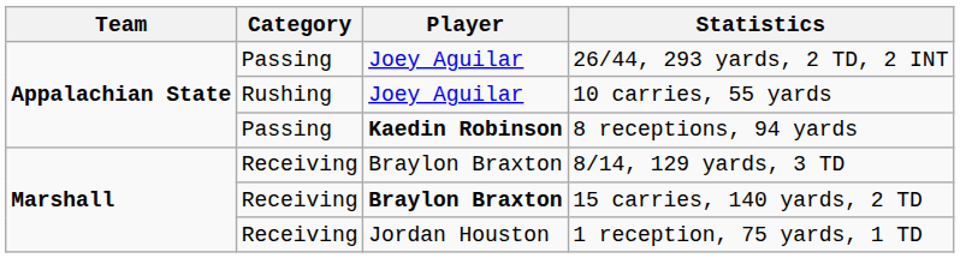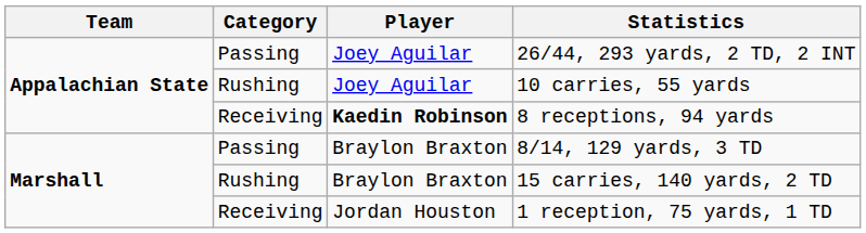 <table class="wikitable" style="float: right;">
 <tr>
 <th>Team</th>
 <th>Category</th>
 <th>Player</th>
 <th>Statistics</th>
 </tr>
 <tr>
 <td rowspan=3><strong>Appalachian State</strong></td>
 <td>Passing</td>
 <td><a href='#'>Joey Aguilar</a></td>
 <td>26/44, 293 yards, 2 TD, 2 INT</td>
 </tr>
 <tr>
 <td>Rushing</td>
 <td><a href='#'>Joey Aguilar</a></td>
 <td>10 carries, 55 yards</td>
 </tr>
 <tr>
-<td>Passing</td>
+<td>Receiving</td>
 <td><strong>Kaedin Robinson</strong></td>
 <td>8 receptions, 94 yards</td>
 </tr>
 <tr>
 <td rowspan=3><strong>Marshall</strong></td>
-<td>Receiving</td>
+<td>Passing</td>
 <td>Braylon Braxton</td>
 <td>8/14, 129 yards, 3 TD</td>
 </tr>
 <tr>
-<td>Receiving</td>
-<td><strong>Braylon Braxton</strong></td>
+<td>Rushing</td>
+<td>Braylon Braxton</td>
 <td>15 carries, 140 yards, 2 TD</td>
 </tr>
 <tr>
 <td>Receiving</td>
 <td>Jordan Houston</td>
 <td>1 reception, 75 yards, 1 TD</td>
 </tr>
 </table>
